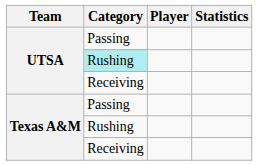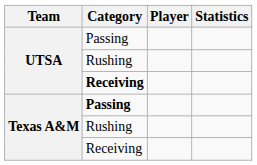 <table class="wikitable" style="float:right">
 <tr>
 <th>Team</th>
 <th>Category</th>
 <th>Player</th>
 <th>Statistics</th>
 </tr>
 <tr>
 <th rowspan=3>UTSA</th>
 <td>Passing</td>
 <td></td>
 <td></td>
 </tr>
 <tr>
-<td style="background: paleturquoise;">Rushing</td>
+<td>Rushing</td>
 <td></td>
 <td></td>
 </tr>
 <tr>
-<td>Receiving</td>
+<td><strong>Receiving</strong></td>
 <td></td>
 <td></td>
 </tr>
 <tr>
 <th rowspan=3>Texas A&M</th>
-<td>Passing</td>
+<td><strong>Passing</strong></td>
 <td></td>
 <td></td>
 </tr>
 <tr>
 <td>Rushing</td>
 <td></td>
 <td></td>
 </tr>
 <tr>
 <td>Receiving</td>
 <td></td>
 <td></td>
 </tr>
 </table>
